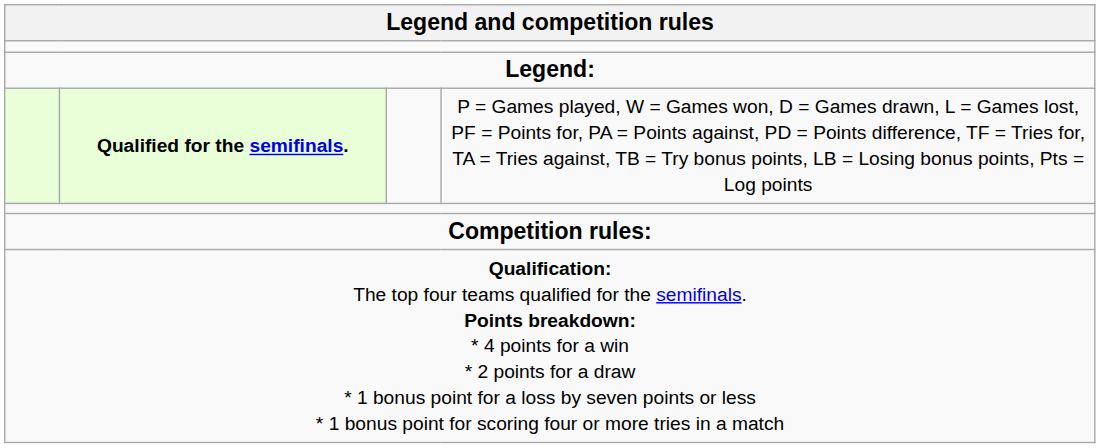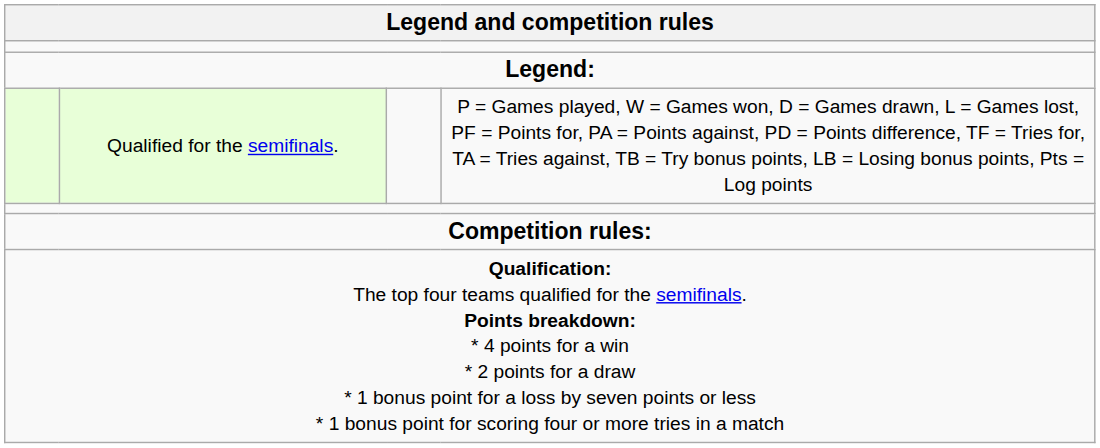 <table class="wikitable collapsible collapsed" style="text-align:center; font-size:100%; width:60%;">
 <tr>
 <th colspan="100%" style="border:0px">Legend and competition rules</th>
 </tr>
 <tr>
 <td colspan="100%"></td>
 </tr>
 <tr>
 <td colspan="100%" style="border:0px"><strong>Legend:</strong></td>
 </tr>
 <tr>
 <td style="width:5%; background:#E8FFD8"></td>
-<td style="width:30%; background:#E8FFD8"><strong><small>Qualified for the <a href='#'>semifinals</a>.</small></strong></td>
+<td style="width:30%; background:#E8FFD8"><small>Qualified for the <a href='#'>semifinals</a>.</small></td>
 <td style="width:5%;"></td>
 <td style="width:60%;"><small>P = Games played, W = Games won, D = Games drawn, L = Games lost, PF = Points for, PA = Points against, PD = Points difference, TF = Tries for, TA = Tries against, TB = Try bonus points, LB = Losing bonus points, Pts = Log points</small></td>
 </tr>
 <tr>
 <td colspan="100%"></td>
 </tr>
 <tr>
 <td colspan="100%" style="border:0px"><strong>Competition rules:</strong></td>
 </tr>
 <tr>
 <td colspan="100%"><small><strong>Qualification:</strong></small><br><small>The top four teams qualified for the <a href='#'>semifinals</a>.</small><br><small><strong>Points breakdown:</strong><br>* 4 points for a win<br>* 2 points for a draw<br>* 1 bonus point for a loss by seven points or less<br>* 1 bonus point for scoring four or more tries in a match</small></td>
 </tr>
 </table>
